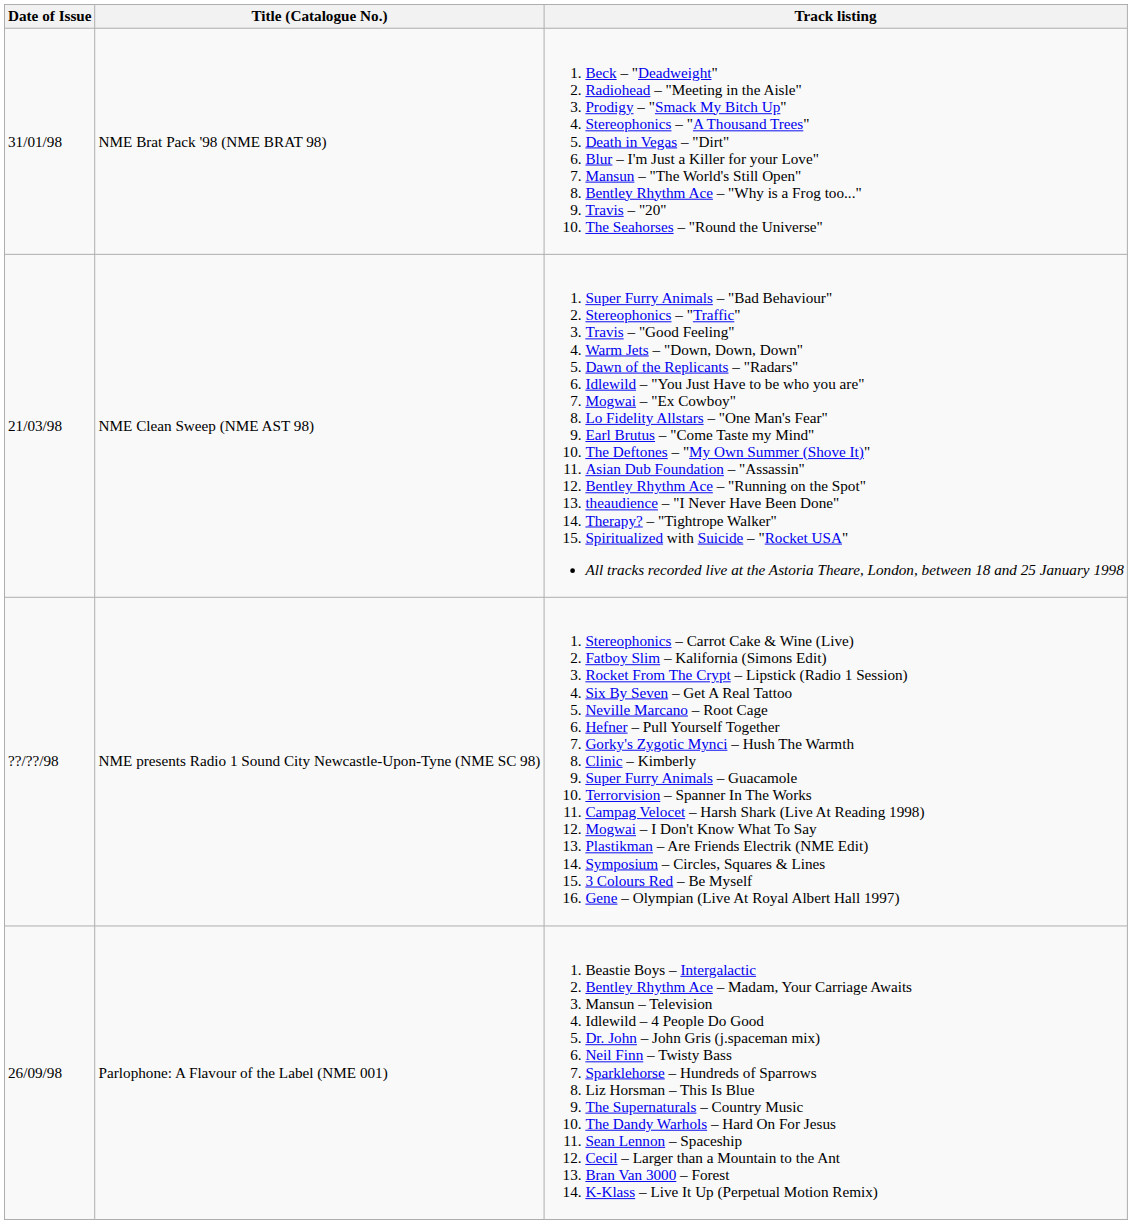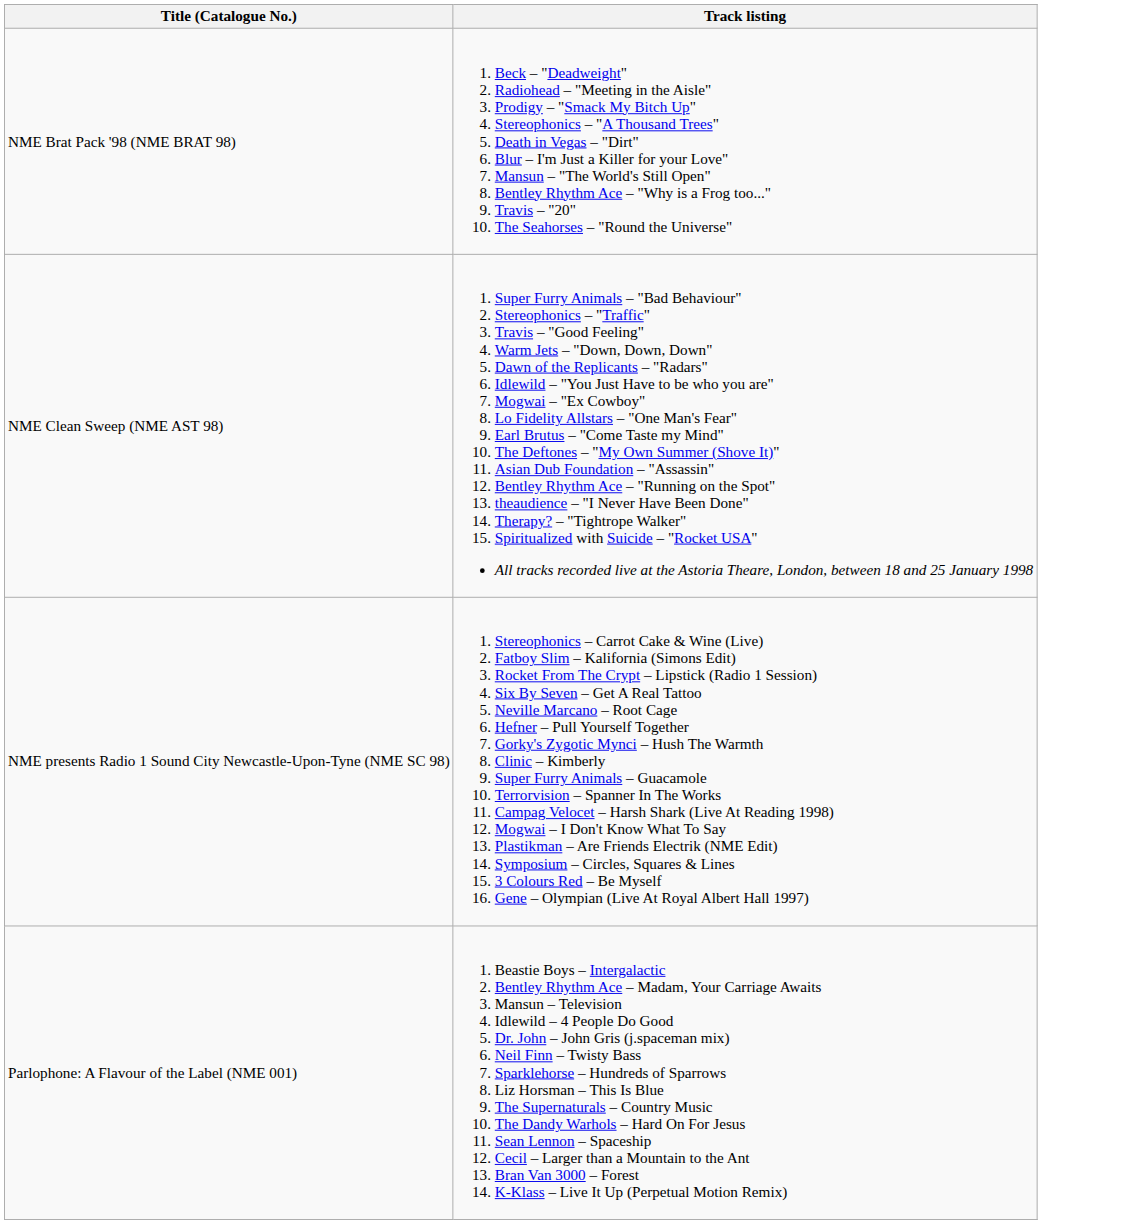 <table class="wikitable">
 <tr>
-<th>Date of Issue</th>
 <th>Title (Catalogue No.)</th>
 <th>Track listing</th>
 </tr>
 <tr>
-<td>31/01/98</td>
 <td>NME Brat Pack '98 (NME BRAT 98)</td>
 <td><br><ol><li><a href='#'>Beck</a> – "<a href='#'>Deadweight</a>"</li><li><a href='#'>Radiohead</a> – "Meeting in the Aisle"</li><li><a href='#'>Prodigy</a> – "<a href='#'>Smack My Bitch Up</a>"</li><li><a href='#'>Stereophonics</a> – "<a href='#'>A Thousand Trees</a>"</li><li><a href='#'>Death in Vegas</a> – "Dirt"</li><li><a href='#'>Blur</a> – I'm Just a Killer for your Love"</li><li><a href='#'>Mansun</a> – "The World's Still Open"</li><li><a href='#'>Bentley Rhythm Ace</a> – "Why is a Frog too..."</li><li><a href='#'>Travis</a> – "20"</li><li><a href='#'>The Seahorses</a> – "Round the Universe"</li></ol></td>
 </tr>
 <tr>
-<td>21/03/98</td>
 <td>NME Clean Sweep (NME AST 98)</td>
 <td><br><ol><li><a href='#'>Super Furry Animals</a> – "Bad Behaviour"</li><li><a href='#'>Stereophonics</a> – "<a href='#'>Traffic</a>"</li><li><a href='#'>Travis</a> – "Good Feeling"</li><li><a href='#'>Warm Jets</a> – "Down, Down, Down"</li><li><a href='#'>Dawn of the Replicants</a> – "Radars"</li><li><a href='#'>Idlewild</a> – "You Just Have to be who you are"</li><li><a href='#'>Mogwai</a> – "Ex Cowboy"</li><li><a href='#'>Lo Fidelity Allstars</a> – "One Man's Fear"</li><li><a href='#'>Earl Brutus</a> – "Come Taste my Mind"</li><li><a href='#'>The Deftones</a> – "<a href='#'>My Own Summer (Shove It)</a>"</li><li><a href='#'>Asian Dub Foundation</a> – "Assassin"</li><li><a href='#'>Bentley Rhythm Ace</a> – "Running on the Spot"</li><li><a href='#'>theaudience</a> – "I Never Have Been Done"</li><li><a href='#'>Therapy?</a> – "Tightrope Walker"</li><li><a href='#'>Spiritualized</a> with <a href='#'>Suicide</a> – "<a href='#'>Rocket USA</a>"</li></ol><ul><li><em>All tracks recorded live at the Astoria Theare, London, between 18 and 25 January 1998</em></li></ul></td>
 </tr>
 <tr>
-<td>??/??/98</td>
 <td>NME presents Radio 1 Sound City Newcastle-Upon-Tyne (NME SC 98)</td>
 <td><br><ol><li><a href='#'>Stereophonics</a> – Carrot Cake & Wine (Live)</li><li><a href='#'>Fatboy Slim</a> – Kalifornia (Simons Edit)</li><li><a href='#'>Rocket From The Crypt</a> – Lipstick (Radio 1 Session)</li><li><a href='#'>Six By Seven</a> – Get A Real Tattoo</li><li><a href='#'>Neville Marcano</a> – Root Cage</li><li><a href='#'>Hefner</a> – Pull Yourself Together</li><li><a href='#'>Gorky's Zygotic Mynci</a> – Hush The Warmth</li><li><a href='#'>Clinic</a> – Kimberly</li><li><a href='#'>Super Furry Animals</a> – Guacamole</li><li><a href='#'>Terrorvision</a> – Spanner In The Works</li><li><a href='#'>Campag Velocet</a> – Harsh Shark (Live At Reading 1998)</li><li><a href='#'>Mogwai</a> – I Don't Know What To Say</li><li><a href='#'>Plastikman</a> – Are Friends Electrik (NME Edit)</li><li><a href='#'>Symposium</a> – Circles, Squares & Lines</li><li><a href='#'>3 Colours Red</a> – Be Myself</li><li><a href='#'>Gene</a> – Olympian (Live At Royal Albert Hall 1997)</li></ol></td>
 </tr>
 <tr>
-<td>26/09/98</td>
 <td>Parlophone: A Flavour of the Label (NME 001)</td>
 <td><br><ol><li>Beastie Boys – <a href='#'>Intergalactic</a></li><li><a href='#'>Bentley Rhythm Ace</a> – Madam, Your Carriage Awaits</li><li>Mansun – Television</li><li>Idlewild – 4 People Do Good</li><li><a href='#'>Dr. John</a> – John Gris (j.spaceman mix)</li><li><a href='#'>Neil Finn</a> – Twisty Bass</li><li><a href='#'>Sparklehorse</a> – Hundreds of Sparrows</li><li>Liz Horsman – This Is Blue</li><li><a href='#'>The Supernaturals</a> – Country Music</li><li><a href='#'>The Dandy Warhols</a> – Hard On For Jesus</li><li><a href='#'>Sean Lennon</a> – Spaceship</li><li><a href='#'>Cecil</a> – Larger than a Mountain to the Ant</li><li><a href='#'>Bran Van 3000</a> – Forest</li><li><a href='#'>K-Klass</a> – Live It Up (Perpetual Motion Remix)</li></ol></td>
 </tr>
 </table>
